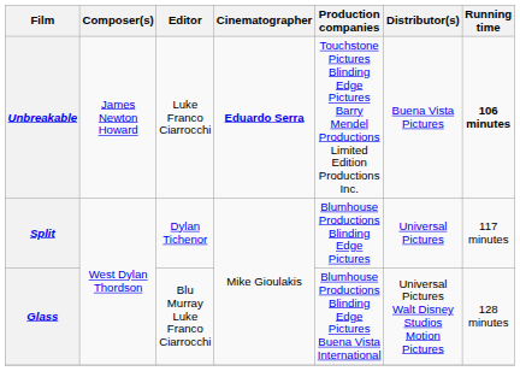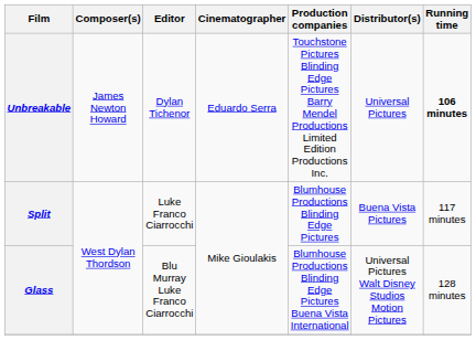 <table class="wikitable" style="text-align:center">
 <tr>
 <th>Film</th>
 <th>Composer(s)</th>
 <th>Editor</th>
 <th>Cinematographer</th>
 <th>Production companies</th>
 <th>Distributor(s)</th>
 <th>Running time</th>
 </tr>
 <tr>
 <th><a href='#'><em>Unbreakable</em></a></th>
 <td><a href='#'>James Newton Howard</a></td>
-<td>Luke Franco Ciarrocchi</td>
-<td><strong><a href='#'>Eduardo Serra</a></strong></td>
+<td><a href='#'>Dylan Tichenor</a></td>
+<td><a href='#'>Eduardo Serra</a></td>
 <td><a href='#'>Touchstone Pictures</a><br><a href='#'>Blinding Edge Pictures</a><br><a href='#'>Barry Mendel Productions</a><br>Limited Edition Productions Inc.</td>
-<td><a href='#'>Buena Vista Pictures</a></td>
+<td><a href='#'>Universal Pictures</a></td>
 <td><strong>106 minutes</strong></td>
 </tr>
 <tr>
 <th><a href='#'><em>Split</em></a></th>
 <td rowspan="2"><a href='#'>West Dylan Thordson</a></td>
-<td><a href='#'>Dylan Tichenor</a></td>
+<td>Luke Franco Ciarrocchi</td>
 <td rowspan="2">Mike Gioulakis</td>
 <td><a href='#'>Blumhouse Productions</a><br><a href='#'>Blinding Edge Pictures</a></td>
-<td><a href='#'>Universal Pictures</a></td>
+<td><a href='#'>Buena Vista Pictures</a></td>
 <td>117 minutes</td>
 </tr>
 <tr>
 <th><a href='#'><em>Glass</em></a></th>
 <td>Blu Murray<br>Luke Franco Ciarrocchi</td>
 <td><a href='#'>Blumhouse Productions</a><br><a href='#'>Blinding Edge Pictures</a><br><a href='#'>Buena Vista International</a></td>
 <td>Universal Pictures<br><a href='#'>Walt Disney Studios Motion Pictures</a></td>
 <td>128 minutes</td>
 </tr>
 <tr>
 </tr>
 </table>
